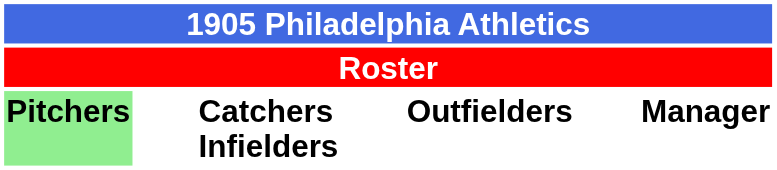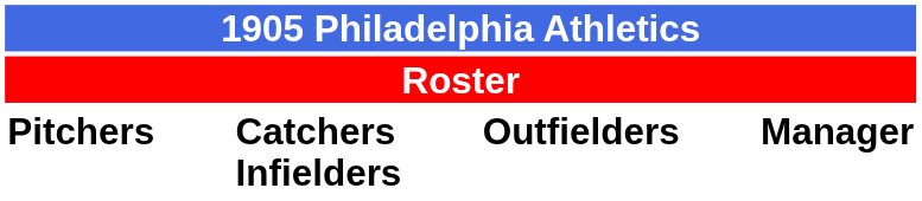 <table class="toccolours" style="font-size: 95%;">
 <tr>
 <th colspan="10" style="background-color: #4169e1; color: white; text-align: center;">1905 Philadelphia Athletics</th>
 </tr>
 <tr>
 <td colspan="10" style="background-color: #FF0000; color: white; text-align: center;"><strong>Roster</strong></td>
 </tr>
 <tr>
-<td valign="top" style="background: lightgreen;"><strong>Pitchers</strong><br>      </td>
+<td valign="top"><strong>Pitchers</strong><br>      </td>
 <td width="25px"></td>
 <td valign="top"><strong>Catchers</strong><br>   <strong>Infielders</strong>     </td>
 <td width="25px"></td>
 <td valign="top"><strong>Outfielders</strong><br>   </td>
 <td width="25px"></td>
 <td valign="top"><strong>Manager</strong><br></td>
 </tr>
 </table>
